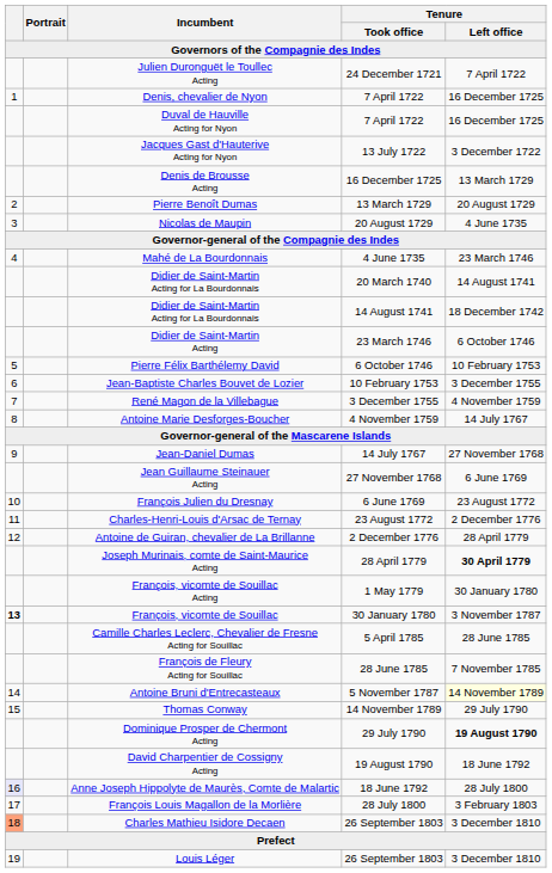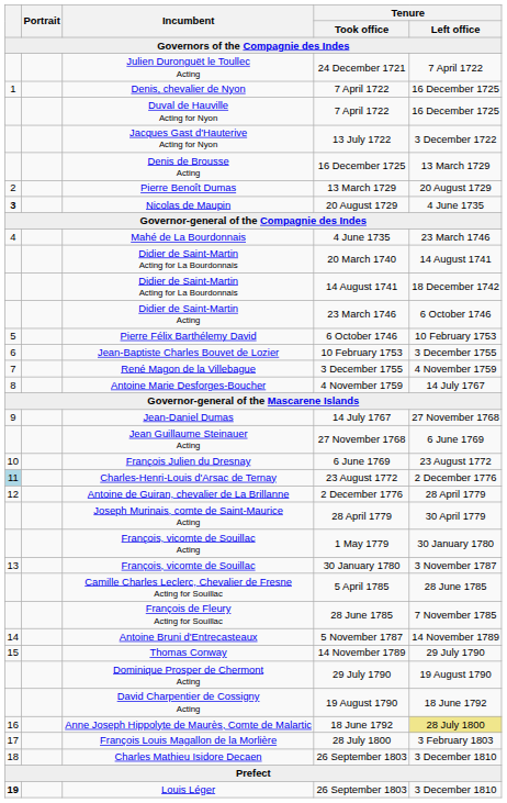 <table class="wikitable" style="font-size:85%;text-align:center">
 <tr>
 <th rowspan="2"></th>
 <th rowspan="2">Portrait</th>
 <th rowspan="2">Incumbent</th>
 <th colspan="2">Tenure</th>
 </tr>
 <tr>
 <th>Took office</th>
 <th>Left office</th>
 </tr>
 <tr bgcolor=#EEEEEE>
 <td align=center colspan=8><strong>Governors of the <a href='#'>Compagnie des Indes</a></strong></td>
 </tr>
 <tr>
 <td></td>
 <td></td>
 <td><a href='#'>Julien Duronguët le Toullec</a><br><small>Acting</small></td>
 <td>24 December 1721</td>
 <td>7 April 1722</td>
 </tr>
 <tr>
 <td>1</td>
 <td></td>
 <td><a href='#'>Denis, chevalier de Nyon</a></td>
 <td>7 April 1722</td>
 <td>16 December 1725</td>
 </tr>
 <tr>
 <td></td>
 <td></td>
 <td><a href='#'>Duval de Hauville</a><br><small>Acting for Nyon</small></td>
 <td>7 April 1722</td>
 <td>16 December 1725</td>
 </tr>
 <tr>
 <td></td>
 <td></td>
 <td><a href='#'>Jacques Gast d'Hauterive</a><br><small>Acting for Nyon</small></td>
 <td>13 July 1722</td>
 <td>3 December 1722</td>
 </tr>
 <tr>
 <td></td>
 <td></td>
 <td><a href='#'>Denis de Brousse</a><br><small>Acting</small></td>
 <td>16 December 1725</td>
 <td>13 March 1729</td>
 </tr>
 <tr>
 <td>2</td>
 <td></td>
 <td><a href='#'>Pierre Benoît Dumas</a></td>
 <td>13 March 1729</td>
 <td>20 August 1729</td>
 </tr>
 <tr>
-<td>3</td>
+<td><strong>3</strong></td>
 <td></td>
 <td><a href='#'>Nicolas de Maupin</a></td>
 <td>20 August 1729</td>
 <td>4 June 1735</td>
 </tr>
 <tr bgcolor=#EEEEEE>
 <td align=center colspan=8><strong>Governor-general of the <a href='#'>Compagnie des Indes</a></strong></td>
 </tr>
 <tr>
 <td>4</td>
 <td></td>
 <td><a href='#'>Mahé de La Bourdonnais</a></td>
 <td>4 June 1735</td>
 <td>23 March 1746</td>
 </tr>
 <tr>
 <td></td>
 <td></td>
 <td><a href='#'>Didier de Saint-Martin</a><br><small>Acting for La Bourdonnais</small></td>
 <td>20 March 1740</td>
 <td>14 August 1741</td>
 </tr>
 <tr>
 <td></td>
 <td></td>
 <td><a href='#'>Didier de Saint-Martin</a><br><small>Acting for La Bourdonnais</small></td>
 <td>14 August 1741</td>
 <td>18 December 1742</td>
 </tr>
 <tr>
 <td></td>
 <td></td>
 <td><a href='#'>Didier de Saint-Martin</a><br><small>Acting</small></td>
 <td>23 March 1746</td>
 <td>6 October 1746</td>
 </tr>
 <tr>
 <td>5</td>
 <td></td>
 <td><a href='#'>Pierre Félix Barthélemy David</a></td>
 <td>6 October 1746</td>
 <td>10 February 1753</td>
 </tr>
 <tr>
 <td>6</td>
 <td></td>
 <td><a href='#'>Jean-Baptiste Charles Bouvet de Lozier</a></td>
 <td>10 February 1753</td>
 <td>3 December 1755</td>
 </tr>
 <tr>
 <td>7</td>
 <td></td>
 <td><a href='#'>René Magon de la Villebague</a></td>
 <td>3 December 1755</td>
 <td>4 November 1759</td>
 </tr>
 <tr>
 <td>8</td>
 <td></td>
 <td><a href='#'>Antoine Marie Desforges-Boucher</a></td>
 <td>4 November 1759</td>
 <td>14 July 1767</td>
 </tr>
 <tr bgcolor=#EEEEEE>
 <td align=center colspan=8><strong>Governor-general of the <a href='#'>Mascarene Islands</a></strong></td>
 </tr>
 <tr>
 <td>9</td>
 <td></td>
 <td><a href='#'>Jean-Daniel Dumas</a></td>
 <td>14 July 1767</td>
 <td>27 November 1768</td>
 </tr>
 <tr>
 <td></td>
 <td></td>
 <td><a href='#'>Jean Guillaume Steinauer</a><br><small>Acting</small></td>
 <td>27 November 1768</td>
 <td>6 June 1769</td>
 </tr>
 <tr>
 <td>10</td>
 <td></td>
 <td><a href='#'>François Julien du Dresnay</a></td>
 <td>6 June 1769</td>
 <td>23 August 1772</td>
 </tr>
 <tr>
-<td>11</td>
+<td style="background: lightblue;">11</td>
 <td></td>
 <td><a href='#'>Charles-Henri-Louis d'Arsac de Ternay</a></td>
 <td>23 August 1772</td>
 <td>2 December 1776</td>
 </tr>
 <tr>
 <td>12</td>
 <td></td>
 <td><a href='#'>Antoine de Guiran, chevalier de La Brillanne</a></td>
 <td>2 December 1776</td>
 <td>28 April 1779</td>
 </tr>
 <tr>
 <td></td>
 <td></td>
 <td><a href='#'>Joseph Murinais, comte de Saint-Maurice</a><br><small>Acting</small></td>
 <td>28 April 1779</td>
-<td><strong>30 April 1779</strong></td>
+<td>30 April 1779</td>
 </tr>
 <tr>
 <td></td>
 <td></td>
 <td><a href='#'>François, vicomte de Souillac</a><br><small>Acting</small></td>
 <td>1 May 1779</td>
 <td>30 January 1780</td>
 </tr>
 <tr>
-<td><strong>13</strong></td>
+<td>13</td>
 <td></td>
 <td><a href='#'>François, vicomte de Souillac</a></td>
 <td>30 January 1780</td>
 <td>3 November 1787</td>
 </tr>
 <tr>
 <td></td>
 <td></td>
 <td><a href='#'>Camille Charles Leclerc, Chevalier de Fresne</a><br><small>Acting for Souillac</small></td>
 <td>5 April 1785</td>
 <td>28 June 1785</td>
 </tr>
 <tr>
 <td></td>
 <td></td>
 <td><a href='#'>François de Fleury</a><br><small>Acting for Souillac</small></td>
 <td>28 June 1785</td>
 <td>7 November 1785</td>
 </tr>
 <tr>
 <td>14</td>
 <td></td>
 <td><a href='#'>Antoine Bruni d'Entrecasteaux</a></td>
 <td>5 November 1787</td>
-<td style="background: lightyellow;">14 November 1789</td>
+<td>14 November 1789</td>
 </tr>
 <tr>
 <td>15</td>
 <td></td>
 <td><a href='#'>Thomas Conway</a></td>
 <td>14 November 1789</td>
 <td>29 July 1790</td>
 </tr>
 <tr>
 <td></td>
 <td></td>
 <td><a href='#'>Dominique Prosper de Chermont</a><br><small>Acting</small></td>
 <td>29 July 1790</td>
-<td><strong>19 August 1790</strong></td>
+<td>19 August 1790</td>
 </tr>
 <tr>
 <td></td>
 <td></td>
 <td><a href='#'>David Charpentier de Cossigny</a><br><small>Acting</small></td>
 <td>19 August 1790</td>
 <td>18 June 1792</td>
 </tr>
 <tr>
-<td style="background: lavender;">16</td>
+<td>16</td>
 <td></td>
 <td><a href='#'>Anne Joseph Hippolyte de Maurès, Comte de Malartic</a></td>
 <td>18 June 1792</td>
-<td>28 July 1800</td>
+<td style="background: khaki;">28 July 1800</td>
 </tr>
 <tr>
 <td>17</td>
 <td></td>
 <td><a href='#'>François Louis Magallon de la Morlière</a></td>
 <td>28 July 1800</td>
 <td>3 February 1803</td>
 </tr>
 <tr>
-<td style="background: lightsalmon;">18</td>
+<td>18</td>
 <td></td>
 <td><a href='#'>Charles Mathieu Isidore Decaen</a></td>
 <td>26 September 1803</td>
 <td>3 December 1810</td>
 </tr>
 <tr bgcolor=#EEEEEE>
 <td align=center colspan=8><strong>Prefect</strong></td>
 </tr>
 <tr>
-<td>19</td>
+<td><strong>19</strong></td>
 <td></td>
 <td><a href='#'>Louis Léger</a></td>
 <td>26 September 1803</td>
 <td>3 December 1810</td>
 </tr>
 </table>
